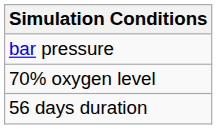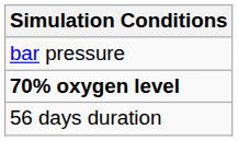 <table class="wikitable">
 <tr>
 <th>Simulation Conditions</th>
 </tr>
 <tr>
 <td> <a href='#'>bar</a> pressure</td>
 </tr>
 <tr>
-<td>70% oxygen level</td>
+<td><strong>70% oxygen level</strong></td>
 </tr>
 <tr>
 <td>56 days duration</td>
 </tr>
 </table>
